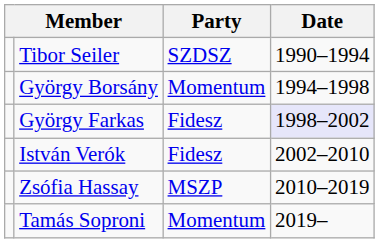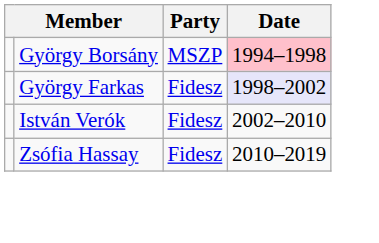 <table class=wikitable>
 <tr>
 <th colspan=2>Member</th>
 <th>Party</th>
 <th>Date</th>
 </tr>
 <tr>
 <td style="background-color:"></td>
-<td><a href='#'>Tibor Seiler</a></td>
-<td><a href='#'>SZDSZ</a></td>
-<td>1990–1994</td>
-</tr>
-<tr>
-<td style="background-color:"></td>
 <td><a href='#'>György Borsány</a></td>
-<td><a href='#'>Momentum</a></td>
-<td>1994–1998</td>
+<td><a href='#'>MSZP</a></td>
+<td style="background: pink;">1994–1998</td>
 </tr>
 <tr>
 <td style="background-color:"></td>
 <td><a href='#'>György Farkas</a></td>
 <td><a href='#'>Fidesz</a></td>
 <td style="background: lavender;">1998–2002</td>
 </tr>
 <tr>
 <td style="background-color:"></td>
 <td><a href='#'>István Verók</a></td>
 <td><a href='#'>Fidesz</a></td>
 <td>2002–2010</td>
 </tr>
 <tr>
 <td style="background-color:"></td>
 <td><a href='#'>Zsófia Hassay</a></td>
-<td><a href='#'>MSZP</a></td>
+<td><a href='#'>Fidesz</a></td>
 <td>2010–2019</td>
 </tr>
-<tr>
-<td style="background-color:"></td>
-<td><a href='#'>Tamás Soproni</a></td>
-<td><a href='#'>Momentum</a></td>
-<td>2019–</td>
-</tr>
 </table>
